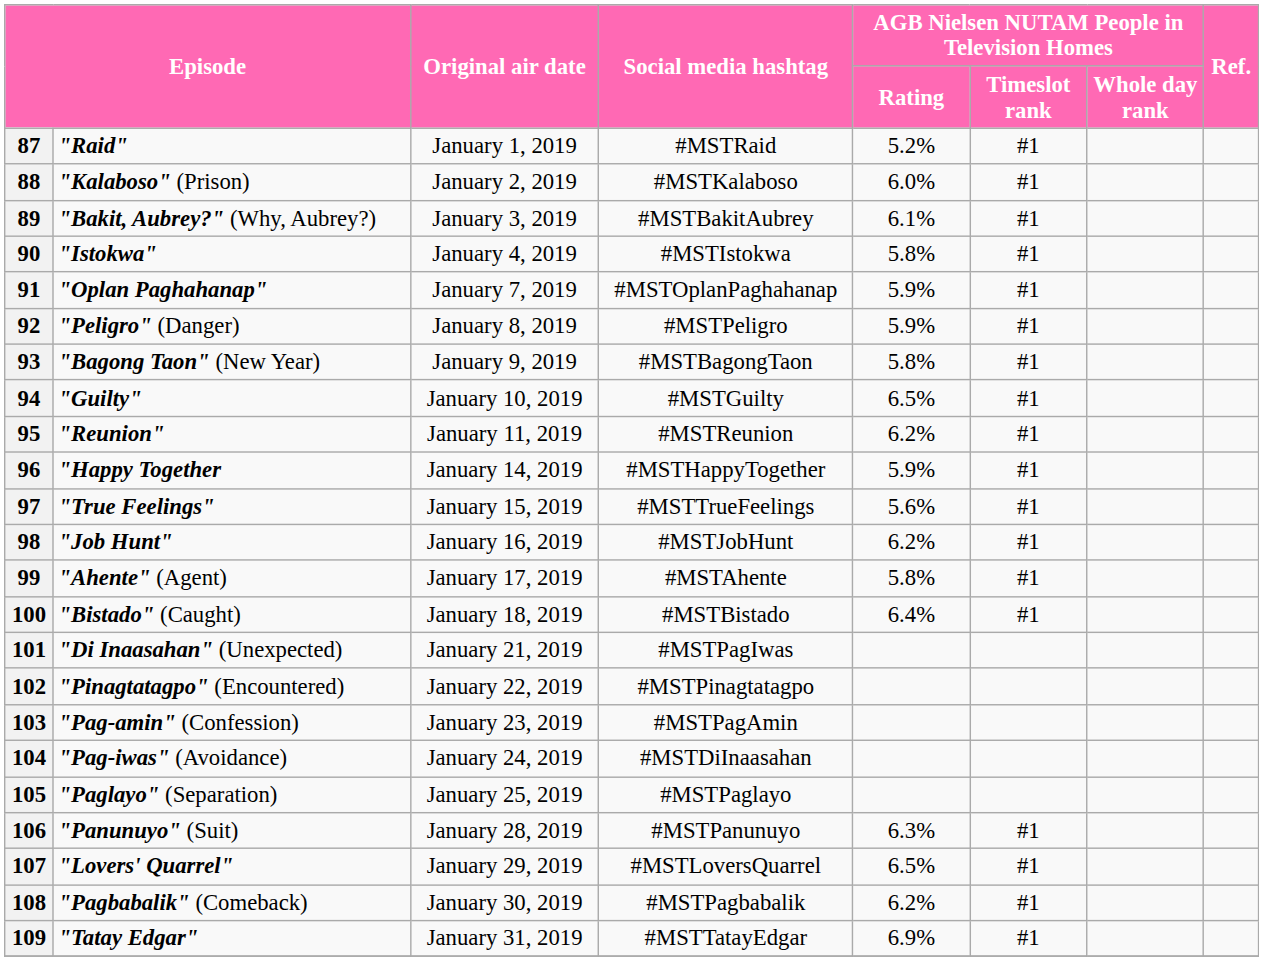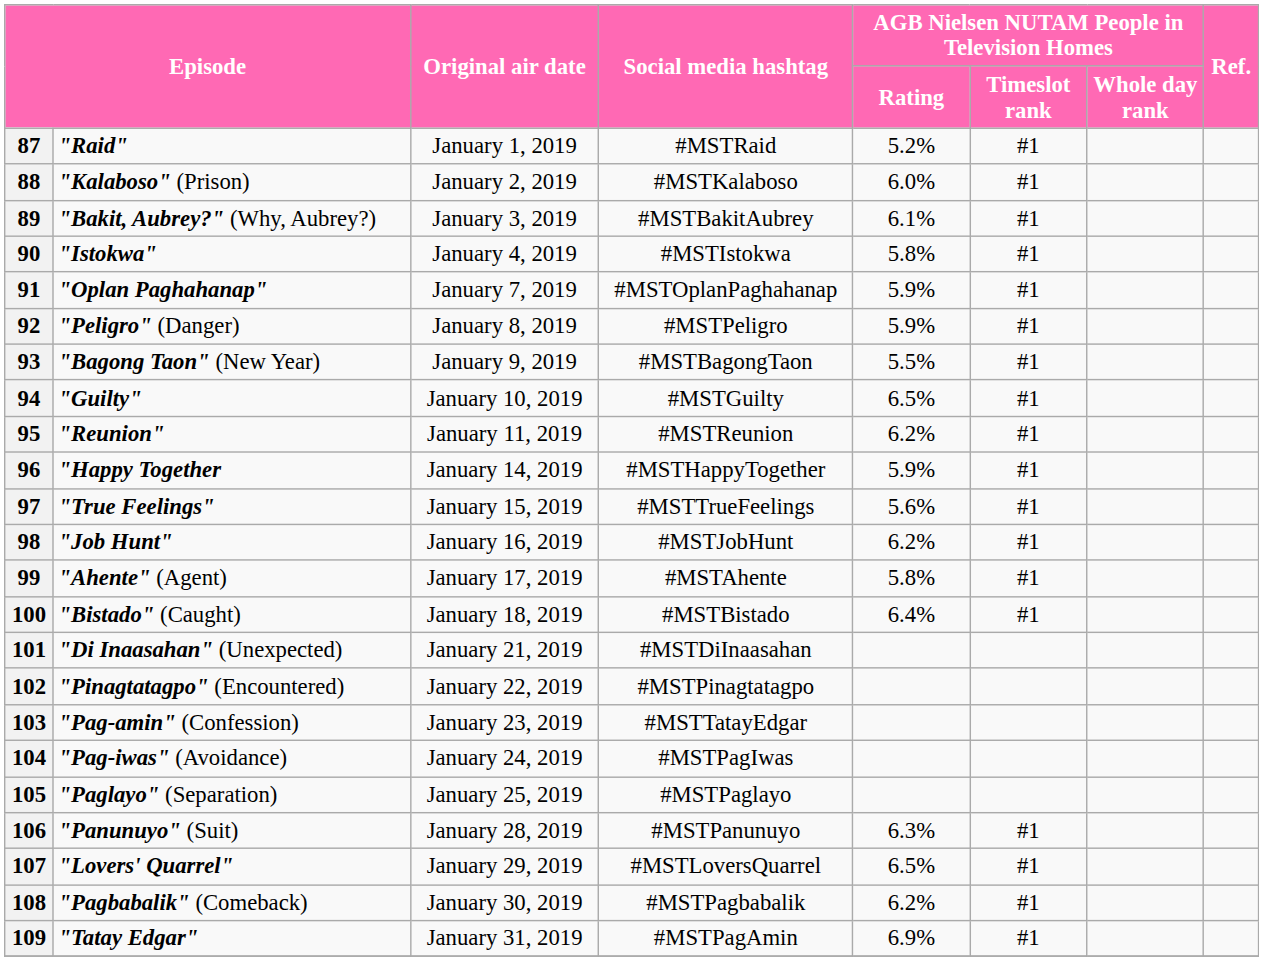 <table class="wikitable" style="text-align:center; font-size:100%; line-height:18px;" width="100%">
 <tr>
 <th style="background-color:#FF69B4; color:white;" colspan="2" rowspan="2">Episode</th>
 <th style="background-color:#FF69B4; color:white" rowspan="2">Original air date</th>
 <th style="background-color:#FF69B4; color:white" rowspan="2">Social media hashtag</th>
 <th style="background-color:#FF69B4; color:white;" colspan="3">AGB Nielsen NUTAM People in Television Homes</th>
 <th style="background-color:#FF69B4;  color:white;" rowspan="2">Ref.</th>
 </tr>
 <tr>
 <th style="background-color:#FF69B4; width:75px; color:white;">Rating</th>
 <th style="background-color:#FF69B4;  width:75px; color:white;">Timeslot<br>rank</th>
 <th style="background-color:#FF69B4; width:75px; color:white;">Whole day<br>rank</th>
 </tr>
 <tr>
 <th>87</th>
 <td style="text-align: left;"><strong><em>"Raid"</em></strong></td>
 <td>January 1, 2019</td>
 <td>#MSTRaid</td>
 <td>5.2%</td>
 <td>#1</td>
 <td></td>
 <td></td>
 </tr>
 <tr>
 <th>88</th>
 <td style="text-align: left;"><strong><em>"Kalaboso"</em></strong> (Prison)</td>
 <td>January 2, 2019</td>
 <td>#MSTKalaboso</td>
 <td>6.0%</td>
 <td>#1</td>
 <td></td>
 <td></td>
 </tr>
 <tr>
 <th>89</th>
 <td style="text-align: left;"><strong><em>"Bakit, Aubrey?"</em></strong> (Why, Aubrey?)</td>
 <td>January 3, 2019</td>
 <td>#MSTBakitAubrey</td>
 <td>6.1%</td>
 <td>#1</td>
 <td></td>
 <td></td>
 </tr>
 <tr>
 <th>90</th>
 <td style="text-align: left;"><strong><em>"Istokwa"</em></strong></td>
 <td>January 4, 2019</td>
 <td>#MSTIstokwa</td>
 <td>5.8%</td>
 <td>#1</td>
 <td></td>
 <td></td>
 </tr>
 <tr>
 <th>91</th>
 <td style="text-align: left;"><strong><em>"Oplan Paghahanap"</em></strong></td>
 <td>January 7, 2019</td>
 <td>#MSTOplanPaghahanap</td>
 <td>5.9%</td>
 <td>#1</td>
 <td></td>
 <td></td>
 </tr>
 <tr>
 <th>92</th>
 <td style="text-align: left;"><strong><em>"Peligro"</em></strong> (Danger)</td>
 <td>January 8, 2019</td>
 <td>#MSTPeligro</td>
 <td>5.9%</td>
 <td>#1</td>
 <td></td>
 <td></td>
 </tr>
 <tr>
 <th>93</th>
 <td style="text-align: left;"><strong><em>"Bagong Taon"</em></strong> (New Year)</td>
 <td>January 9, 2019</td>
 <td>#MSTBagongTaon</td>
-<td>5.8%</td>
+<td>5.5%</td>
 <td>#1</td>
 <td></td>
 <td></td>
 </tr>
 <tr>
 <th>94</th>
 <td style="text-align: left;"><strong><em>"Guilty"</em></strong></td>
 <td>January 10, 2019</td>
 <td>#MSTGuilty</td>
 <td>6.5%</td>
 <td>#1</td>
 <td></td>
 <td></td>
 </tr>
 <tr>
 <th>95</th>
 <td style="text-align: left;"><strong><em>"Reunion"</em></strong></td>
 <td>January 11, 2019</td>
 <td>#MSTReunion</td>
 <td>6.2%</td>
 <td>#1</td>
 <td></td>
 <td></td>
 </tr>
 <tr>
 <th>96</th>
 <td style="text-align: left;"><strong><em>"Happy Together</em></strong></td>
 <td>January 14, 2019</td>
 <td>#MSTHappyTogether</td>
 <td>5.9%</td>
 <td>#1</td>
 <td></td>
 <td></td>
 </tr>
 <tr>
 <th>97</th>
 <td style="text-align: left;"><strong><em>"True Feelings"</em></strong></td>
 <td>January 15, 2019</td>
 <td>#MSTTrueFeelings</td>
 <td>5.6%</td>
 <td>#1</td>
 <td></td>
 <td></td>
 </tr>
 <tr>
 <th>98</th>
 <td style="text-align: left;"><strong><em>"Job Hunt"</em></strong></td>
 <td>January 16, 2019</td>
 <td>#MSTJobHunt</td>
 <td>6.2%</td>
 <td>#1</td>
 <td></td>
 <td></td>
 </tr>
 <tr>
 <th>99</th>
 <td style="text-align: left;"><strong><em>"Ahente"</em></strong> (Agent)</td>
 <td>January 17, 2019</td>
 <td>#MSTAhente</td>
 <td>5.8%</td>
 <td>#1</td>
 <td></td>
 <td></td>
 </tr>
 <tr>
 <th>100</th>
 <td style="text-align: left;"><strong><em>"Bistado"</em></strong> (Caught)</td>
 <td>January 18, 2019</td>
 <td>#MSTBistado</td>
 <td>6.4%</td>
 <td>#1</td>
 <td></td>
 <td></td>
 </tr>
 <tr>
 <th>101</th>
 <td style="text-align: left;"><strong><em>"Di Inaasahan"</em></strong> (Unexpected)</td>
 <td>January 21, 2019</td>
-<td>#MSTPagIwas</td>
+<td>#MSTDiInaasahan</td>
 <td></td>
 <td></td>
 <td></td>
 <td></td>
 </tr>
 <tr>
 <th>102</th>
 <td style="text-align: left;"><strong><em>"Pinagtatagpo"</em></strong> (Encountered)</td>
 <td>January 22, 2019</td>
 <td>#MSTPinagtatagpo</td>
 <td></td>
 <td></td>
 <td></td>
 <td></td>
 </tr>
 <tr>
 <th>103</th>
 <td style="text-align: left;"><strong><em>"Pag-amin"</em></strong> (Confession)</td>
 <td>January 23, 2019</td>
-<td>#MSTPagAmin</td>
+<td>#MSTTatayEdgar</td>
 <td></td>
 <td></td>
 <td></td>
 <td></td>
 </tr>
 <tr>
 <th>104</th>
 <td style="text-align: left;"><strong><em>"Pag-iwas"</em></strong> (Avoidance)</td>
 <td>January 24, 2019</td>
-<td>#MSTDiInaasahan</td>
+<td>#MSTPagIwas</td>
 <td></td>
 <td></td>
 <td></td>
 <td></td>
 </tr>
 <tr>
 <th>105</th>
 <td style="text-align: left;"><strong><em>"Paglayo"</em></strong> (Separation)</td>
 <td>January 25, 2019</td>
 <td>#MSTPaglayo</td>
 <td></td>
 <td></td>
 <td></td>
 <td></td>
 </tr>
 <tr>
 <th>106</th>
 <td style="text-align: left;"><strong><em>"Panunuyo"</em></strong> (Suit)</td>
 <td>January 28, 2019</td>
 <td>#MSTPanunuyo</td>
 <td>6.3%</td>
 <td>#1</td>
 <td></td>
 <td></td>
 </tr>
 <tr>
 <th>107</th>
 <td style="text-align: left;"><strong><em>"Lovers' Quarrel"</em></strong></td>
 <td>January 29, 2019</td>
 <td>#MSTLoversQuarrel</td>
 <td>6.5%</td>
 <td>#1</td>
 <td></td>
 <td></td>
 </tr>
 <tr>
 <th>108</th>
 <td style="text-align: left;"><strong><em>"Pagbabalik"</em></strong> (Comeback)</td>
 <td>January 30, 2019</td>
 <td>#MSTPagbabalik</td>
 <td>6.2%</td>
 <td>#1</td>
 <td></td>
 <td></td>
 </tr>
 <tr>
 <th>109</th>
 <td style="text-align: left;"><strong><em>"Tatay Edgar"</em></strong></td>
 <td>January 31, 2019</td>
-<td>#MSTTatayEdgar</td>
+<td>#MSTPagAmin</td>
 <td>6.9%</td>
 <td>#1</td>
 <td></td>
 <td></td>
 </tr>
 <tr>
 </tr>
 </table>
